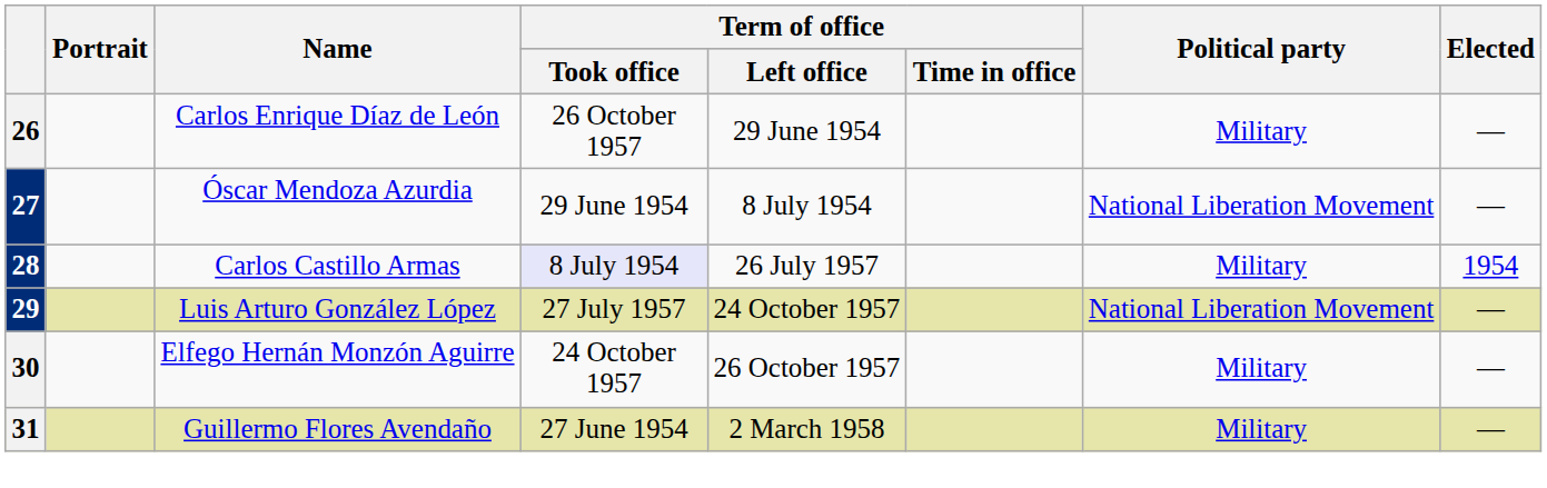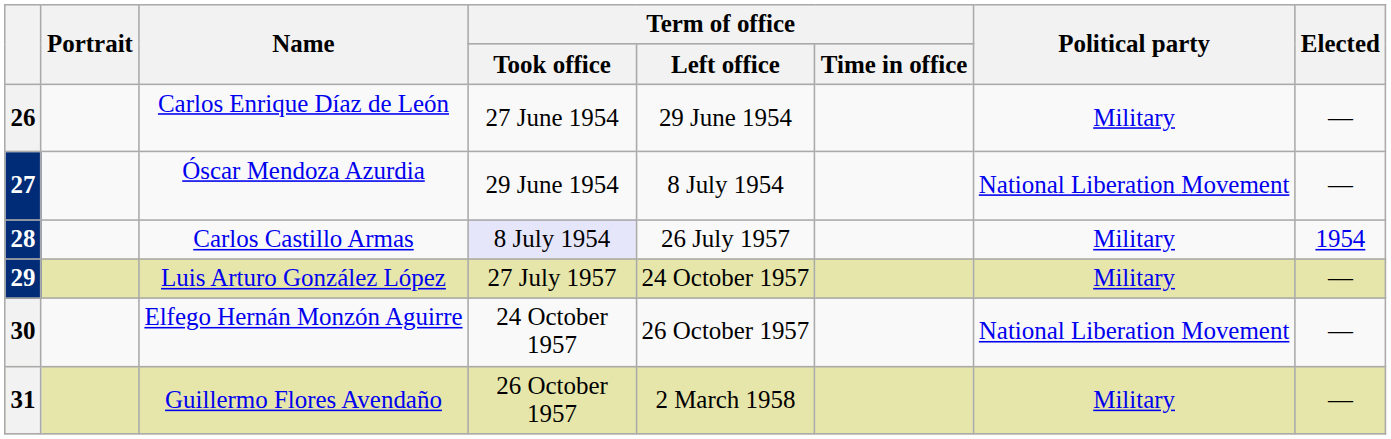 <table class="wikitable" style="text-align:center">
 <tr>
 <th rowspan="2"></th>
 <th rowspan="2">Portrait</th>
 <th rowspan="2">Name<br></th>
 <th colspan="3">Term of office</th>
 <th rowspan="2">Political party</th>
 <th rowspan="2">Elected</th>
 </tr>
 <tr style="background:#cccccc">
 <th width="100">Took office</th>
 <th>Left office</th>
 <th>Time in office</th>
 </tr>
 <tr>
 <th style="background:">26</th>
 <td></td>
 <td><a href='#'>Carlos Enrique Díaz de León</a><br><br></td>
-<td>26 October 1957</td>
+<td>27 June 1954</td>
 <td>29 June 1954</td>
 <td></td>
 <td><a href='#'>Military</a></td>
 <td>—</td>
 </tr>
 <tr>
 <th style="background:#002C77; color:white">27</th>
 <td></td>
 <td><a href='#'>Óscar Mendoza Azurdia</a><br><br></td>
 <td>29 June 1954</td>
 <td>8 July 1954</td>
 <td></td>
 <td><a href='#'>National Liberation Movement</a></td>
 <td>—</td>
 </tr>
 <tr>
 <th style="background:#002C77; color:white">28</th>
 <td></td>
 <td><a href='#'>Carlos Castillo Armas</a><br></td>
 <td style="background: lavender;">8 July 1954</td>
 <td>26 July 1957</td>
 <td></td>
 <td><a href='#'>Military</a></td>
 <td><a href='#'>1954</a></td>
 </tr>
 <tr style="background:#E6E6AA">
 <th style="background:#002C77;  color:white">29</th>
 <td></td>
 <td><a href='#'>Luis Arturo González López</a><br></td>
 <td>27 July 1957</td>
 <td>24 October 1957</td>
 <td></td>
-<td><a href='#'>National Liberation Movement</a></td>
+<td><a href='#'>Military</a></td>
 <td>—</td>
 </tr>
 <tr>
 <th style="background:">30</th>
 <td></td>
 <td><a href='#'>Elfego Hernán Monzón Aguirre</a><br><br></td>
 <td>24 October 1957</td>
 <td>26 October 1957</td>
 <td></td>
-<td><a href='#'>Military</a></td>
+<td><a href='#'>National Liberation Movement</a></td>
 <td>—</td>
 </tr>
 <tr style="background:#E6E6AA">
 <th style="background:">31</th>
 <td></td>
 <td><a href='#'>Guillermo Flores Avendaño</a><br></td>
-<td>27 June 1954</td>
+<td>26 October 1957</td>
 <td>2 March 1958</td>
 <td></td>
 <td><a href='#'>Military</a></td>
 <td>—</td>
 </tr>
 </table>
